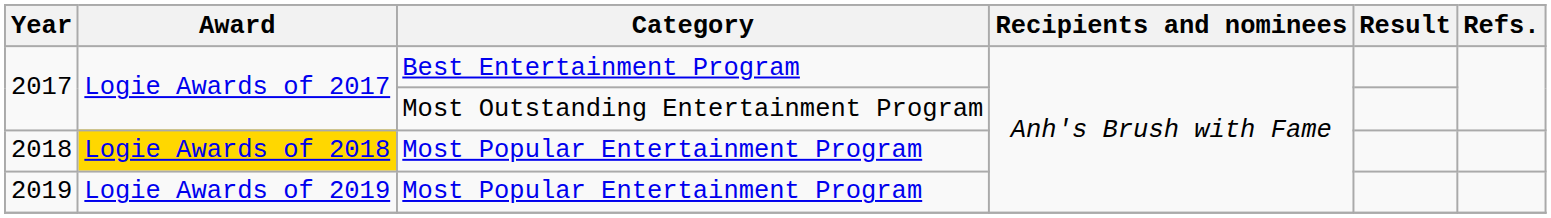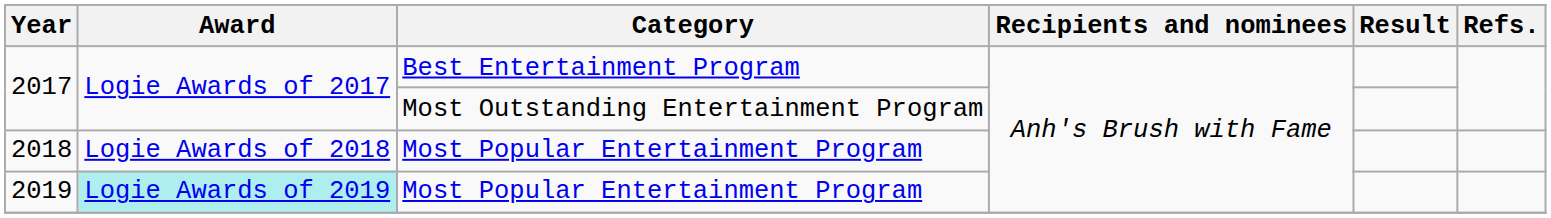 <table class="wikitable">
 <tr>
 <th>Year</th>
 <th>Award</th>
 <th>Category</th>
 <th>Recipients and nominees</th>
 <th>Result</th>
 <th>Refs.</th>
 </tr>
 <tr>
 <td rowspan="2">2017</td>
 <td rowspan="2"><a href='#'>Logie Awards of 2017</a></td>
 <td><a href='#'>Best Entertainment Program</a></td>
 <td rowspan="4" style="text-align:center;"><em>Anh's Brush with Fame</em></td>
 <td></td>
 <td rowspan="2" style="text-align:center;"></td>
 </tr>
 <tr>
 <td>Most Outstanding Entertainment Program</td>
 <td></td>
 </tr>
 <tr>
 <td>2018</td>
-<td style="background: gold;"><a href='#'>Logie Awards of 2018</a></td>
+<td><a href='#'>Logie Awards of 2018</a></td>
 <td><a href='#'>Most Popular Entertainment Program</a></td>
 <td></td>
 <td style="text-align:center;"></td>
 </tr>
 <tr>
 <td>2019</td>
-<td><a href='#'>Logie Awards of 2019</a></td>
+<td style="background: paleturquoise;"><a href='#'>Logie Awards of 2019</a></td>
 <td><a href='#'>Most Popular Entertainment Program</a></td>
 <td></td>
 <td style="text-align:center;"></td>
 </tr>
 <tr>
 </tr>
 </table>
